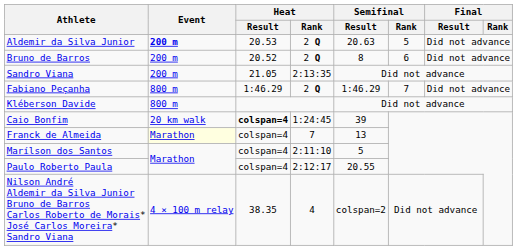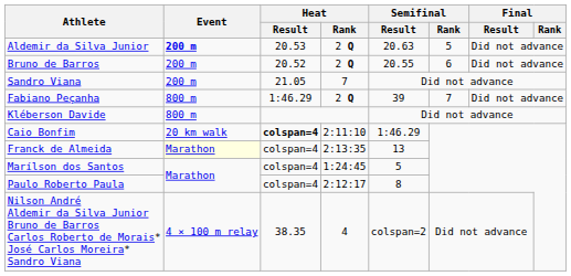 <table class="wikitable" style="font-size:90%">
 <tr>
 <th rowspan="2">Athlete</th>
 <th rowspan="2">Event</th>
 <th colspan="2">Heat</th>
 <th colspan="2">Semifinal</th>
 <th colspan="2">Final</th>
 </tr>
 <tr style="font-size:95%">
 <th>Result</th>
 <th>Rank</th>
 <th>Result</th>
 <th>Rank</th>
 <th>Result</th>
 <th>Rank</th>
 </tr>
 <tr align=center>
 <td align=left><a href='#'>Aldemir da Silva Junior</a></td>
 <td align=left><strong><a href='#'>200 m</a></strong></td>
 <td>20.53</td>
 <td>2 <strong>Q</strong></td>
 <td>20.63</td>
 <td>5</td>
 <td colspan=2>Did not advance</td>
 </tr>
 <tr align=center>
 <td align=left><a href='#'>Bruno de Barros</a></td>
 <td align=left><a href='#'>200 m</a></td>
 <td>20.52</td>
 <td>2 <strong>Q</strong></td>
-<td>8</td>
+<td>20.55</td>
 <td>6</td>
 <td colspan=2>Did not advance</td>
 </tr>
 <tr align=center>
 <td align=left><a href='#'>Sandro Viana</a></td>
 <td align=left><a href='#'>200 m</a></td>
 <td>21.05</td>
-<td>2:13:35</td>
+<td>7</td>
 <td colspan=4>Did not advance</td>
 </tr>
 <tr align=center>
 <td align=left><a href='#'>Fabiano Peçanha</a></td>
 <td align=left><a href='#'>800 m</a></td>
 <td>1:46.29</td>
 <td>2 <strong>Q</strong></td>
-<td>1:46.29</td>
+<td>39</td>
 <td>7</td>
 <td colspan=2>Did not advance</td>
 </tr>
 <tr align=center>
 <td align=left><a href='#'>Kléberson Davide</a></td>
 <td align=left><a href='#'>800 m</a></td>
 <td colspan=2></td>
 <td colspan=4>Did not advance</td>
 </tr>
 <tr align=center>
 <td align=left><a href='#'>Caio Bonfim</a></td>
 <td align=left><a href='#'>20 km walk</a></td>
 <td><strong>colspan=4 </strong></td>
-<td>1:24:45</td>
-<td>39</td>
+<td>2:11:10</td>
+<td>1:46.29</td>
 </tr>
 <tr align=center>
 <td align=left><a href='#'>Franck de Almeida</a></td>
 <td align=left style="background: lightyellow;"><a href='#'>Marathon</a></td>
 <td>colspan=4 </td>
-<td>7</td>
+<td>2:13:35</td>
 <td>13</td>
 </tr>
 <tr align=center>
 <td align=left><a href='#'>Marílson dos Santos</a></td>
 <td align=left rowspan=2><a href='#'>Marathon</a></td>
 <td>colspan=4 </td>
-<td>2:11:10</td>
+<td>1:24:45</td>
 <td>5</td>
 </tr>
 <tr align=center>
 <td align=left><a href='#'>Paulo Roberto Paula</a></td>
 <td>colspan=4 </td>
 <td>2:12:17</td>
-<td>20.55</td>
+<td>8</td>
 </tr>
 <tr align=center>
 <td align=left><a href='#'>Nilson André</a><br><a href='#'>Aldemir da Silva Junior</a><br><a href='#'>Bruno de Barros</a><br><a href='#'>Carlos Roberto de Morais</a>*<br><a href='#'>José Carlos Moreira</a>*<br><a href='#'>Sandro Viana</a></td>
 <td align=left><a href='#'>4 × 100 m relay</a></td>
 <td>38.35</td>
 <td>4</td>
 <td>colspan=2 </td>
 <td colspan=2>Did not advance</td>
 </tr>
 </table>
